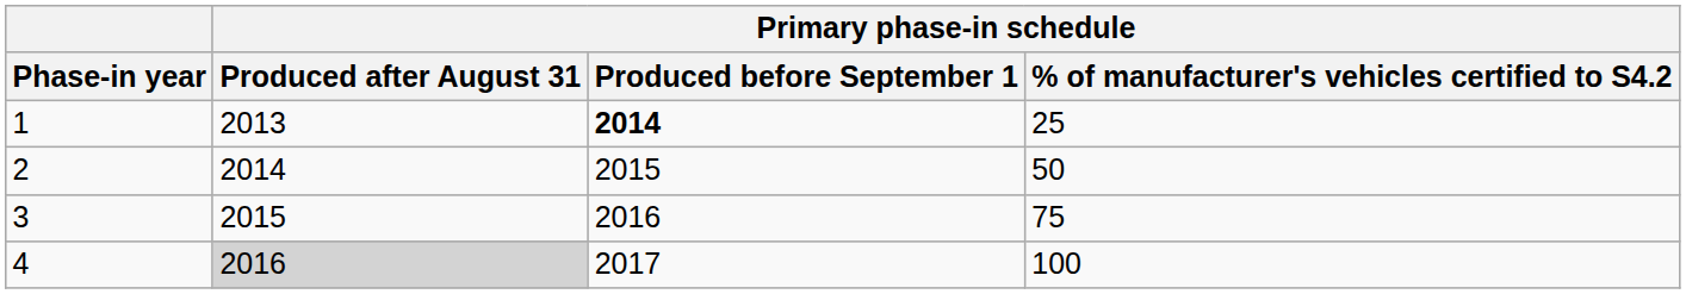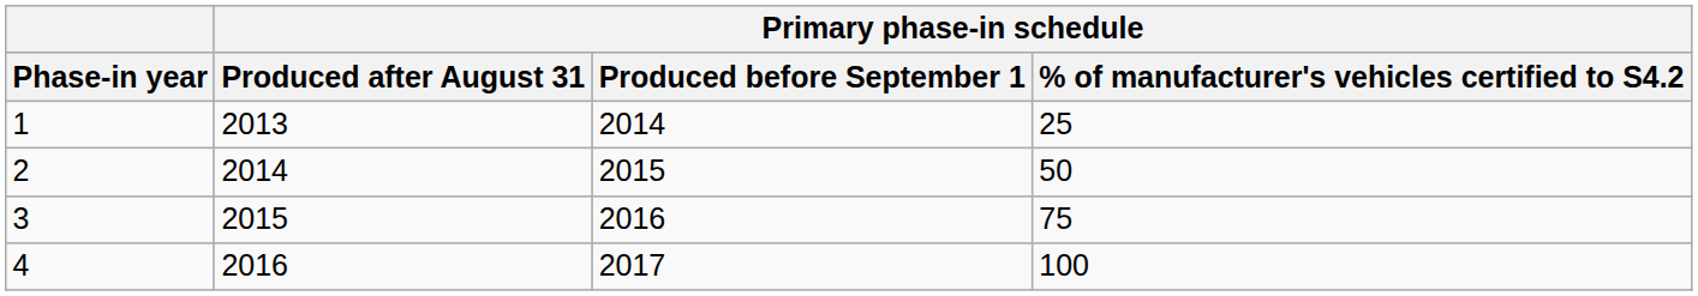 <table class="wikitable" Style="text-align:wrap text">
 <tr>
 <th></th>
 <th colspan=4>Primary phase-in schedule</th>
 </tr>
 <tr>
 <th>Phase-in year</th>
 <th>Produced after August 31</th>
 <th>Produced before September 1</th>
 <th>% of manufacturer's vehicles certified to S4.2</th>
 </tr>
 <tr>
 <td>1</td>
 <td>2013</td>
-<td><strong>2014</strong></td>
+<td>2014</td>
 <td>25</td>
 </tr>
 <tr>
 <td>2</td>
 <td>2014</td>
 <td>2015</td>
 <td>50</td>
 </tr>
 <tr>
 <td>3</td>
 <td>2015</td>
 <td>2016</td>
 <td>75</td>
 </tr>
 <tr>
 <td>4</td>
-<td style="background: lightgrey;">2016</td>
+<td>2016</td>
 <td>2017</td>
 <td>100</td>
 </tr>
 </table>
